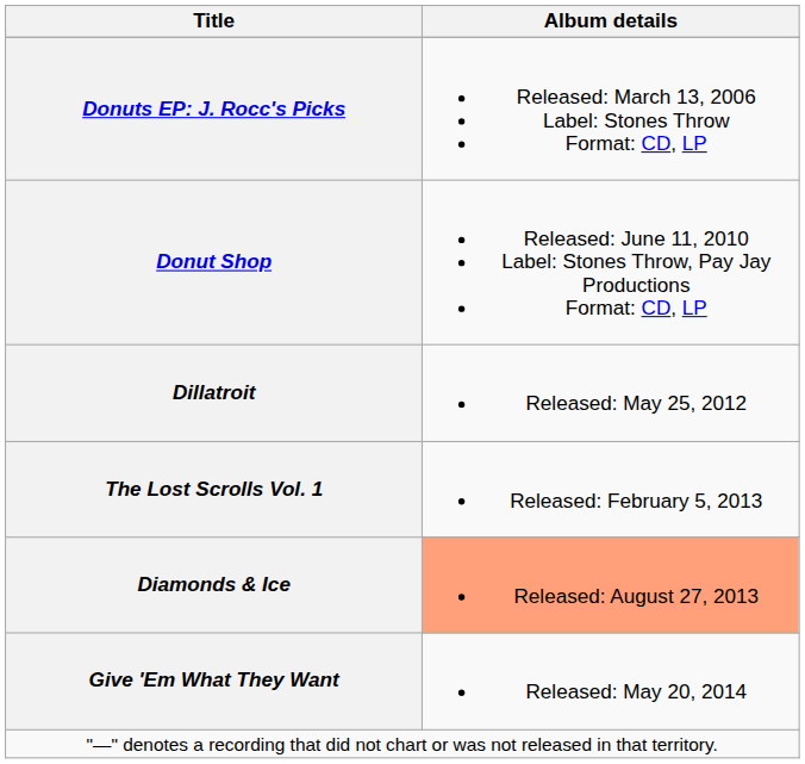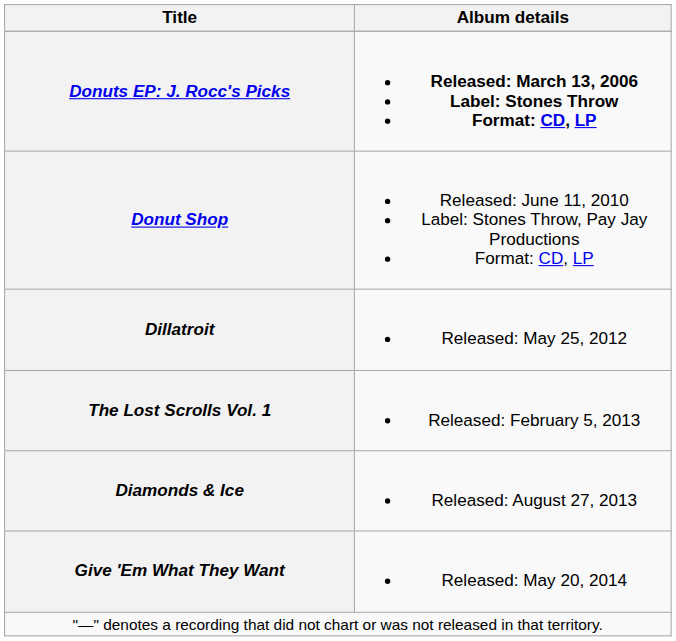 <table class="wikitable plainrowheaders" style="text-align:center;">
 <tr>
 <th rowspan="1" scope="col" style="width:20em;">Title</th>
 <th rowspan="1" scope="col" style="width:18em;">Album details</th>
 </tr>
 <tr>
 </tr>
 <tr>
 <th scope="row"><em><a href='#'>Donuts EP: J. Rocc's Picks</a></em></th>
-<td><br><ul><li>Released: March 13, 2006</li><li>Label: Stones Throw</li><li>Format: <a href='#'>CD</a>, <a href='#'>LP</a></li></ul></td>
+<td><strong><br><ul><li>Released: March 13, 2006</li><li>Label: Stones Throw</li><li>Format: <a href='#'>CD</a>, <a href='#'>LP</a></li></ul></strong></td>
 </tr>
 <tr>
 <th scope="row"><em><a href='#'>Donut Shop</a></em></th>
 <td><br><ul><li>Released: June 11, 2010</li><li>Label: Stones Throw, Pay Jay Productions</li><li>Format: <a href='#'>CD</a>, <a href='#'>LP</a></li></ul></td>
 </tr>
 <tr>
 <th scope="row"><em>Dillatroit </em></th>
 <td><br><ul><li>Released: May 25, 2012</li></ul></td>
 </tr>
 <tr>
 <th scope="row"><em>The Lost Scrolls Vol. 1</em></th>
 <td><br><ul><li>Released: February 5, 2013</li></ul></td>
 </tr>
 <tr>
 <th scope="row"><em>Diamonds & Ice</em></th>
-<td style="background: lightsalmon;"><br><ul><li>Released: August 27, 2013</li></ul></td>
+<td><br><ul><li>Released: August 27, 2013</li></ul></td>
 </tr>
 <tr>
 <th scope="row"><em>Give 'Em What They Want</em></th>
 <td><br><ul><li>Released: May 20, 2014</li></ul></td>
 </tr>
 <tr>
 <td colspan="9" style="font-size:90%">"—" denotes a recording that did not chart or was not released in that territory.</td>
 </tr>
 </table>
